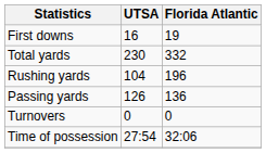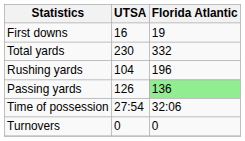 <table class="wikitable">
 <tr>
 <th>Statistics</th>
 <th>UTSA</th>
 <th>Florida Atlantic</th>
 </tr>
 <tr>
 <td>First downs</td>
 <td>16</td>
 <td>19</td>
 </tr>
 <tr>
 <td>Total yards</td>
 <td>230</td>
 <td>332</td>
 </tr>
 <tr>
 <td>Rushing yards</td>
 <td>104</td>
 <td>196</td>
 </tr>
 <tr>
 <td>Passing yards</td>
 <td>126</td>
-<td>136</td>
+<td style="background: lightgreen;">136</td>
+</tr>
+<tr>
+<td>Time of possession</td>
+<td>27:54</td>
+<td>32:06</td>
 </tr>
 <tr>
 <td>Turnovers</td>
 <td>0</td>
 <td>0</td>
 </tr>
 <tr>
-<td>Time of possession</td>
-<td>27:54</td>
-<td>32:06</td>
-</tr>
-<tr>
 </tr>
 </table>
